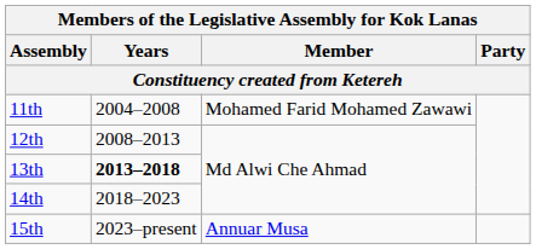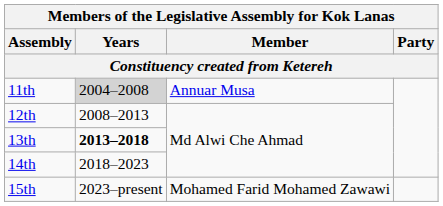 <table class=wikitable>
 <tr>
 <th colspan=4>Members of the Legislative Assembly for Kok Lanas</th>
 </tr>
 <tr>
 <th>Assembly</th>
 <th>Years</th>
 <th>Member</th>
 <th>Party</th>
 </tr>
 <tr>
 <th colspan=4 align=center><em>Constituency created from Ketereh</em></th>
 </tr>
 <tr>
 <td><a href='#'>11th</a></td>
-<td>2004–2008</td>
-<td>Mohamed Farid Mohamed Zawawi</td>
+<td style="background: lightgrey;">2004–2008</td>
+<td><a href='#'>Annuar Musa</a></td>
 <td rowspan=4></td>
 </tr>
 <tr>
 <td><a href='#'>12th</a></td>
 <td>2008–2013</td>
 <td rowspan=3>Md Alwi Che Ahmad</td>
 </tr>
 <tr>
 <td><a href='#'>13th</a></td>
 <td><strong>2013–2018</strong></td>
 </tr>
 <tr>
 <td><a href='#'>14th</a></td>
 <td>2018–2023</td>
 </tr>
 <tr>
 <td><a href='#'>15th</a></td>
 <td>2023–present</td>
-<td><a href='#'>Annuar Musa</a></td>
+<td>Mohamed Farid Mohamed Zawawi</td>
 <td></td>
 </tr>
 </table>
